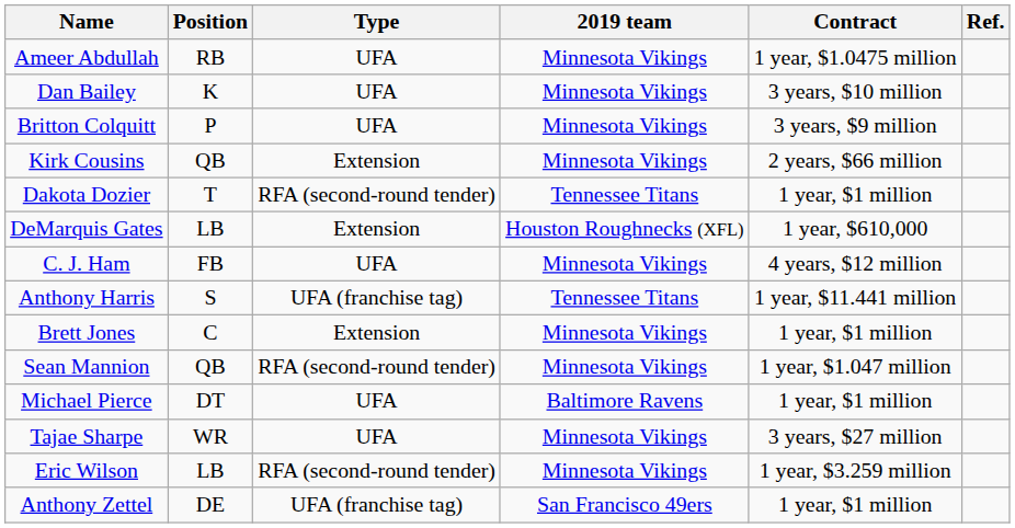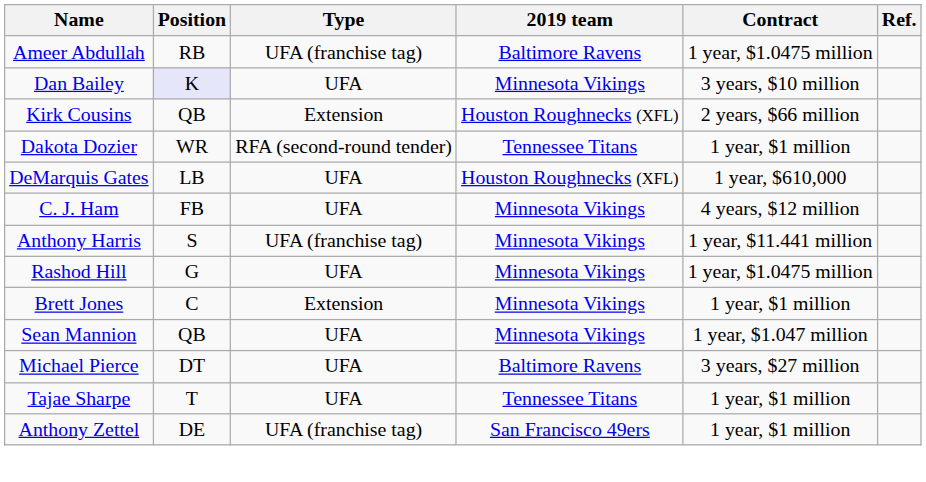 <table class="wikitable" style="text-align:center">
 <tr>
 <th>Name</th>
 <th>Position</th>
 <th>Type</th>
 <th>2019 team</th>
 <th>Contract</th>
 <th>Ref.</th>
 </tr>
 <tr>
 <td><a href='#'>Ameer Abdullah</a></td>
 <td>RB</td>
-<td>UFA</td>
-<td><a href='#'>Minnesota Vikings</a></td>
+<td>UFA (franchise tag)</td>
+<td><a href='#'>Baltimore Ravens</a></td>
 <td>1 year, $1.0475 million</td>
 <td></td>
 </tr>
 <tr>
 <td><a href='#'>Dan Bailey</a></td>
-<td>K</td>
+<td style="background: lavender;">K</td>
 <td>UFA</td>
 <td><a href='#'>Minnesota Vikings</a></td>
 <td>3 years, $10 million</td>
 <td></td>
 </tr>
 <tr>
-<td><a href='#'>Britton Colquitt</a></td>
-<td>P</td>
-<td>UFA</td>
-<td><a href='#'>Minnesota Vikings</a></td>
-<td>3 years, $9 million</td>
-<td></td>
-</tr>
-<tr>
 <td><a href='#'>Kirk Cousins</a></td>
 <td>QB</td>
 <td>Extension</td>
-<td><a href='#'>Minnesota Vikings</a></td>
+<td><a href='#'>Houston Roughnecks</a> <small>(XFL)</small></td>
 <td>2 years, $66 million</td>
 <td></td>
 </tr>
 <tr>
 <td><a href='#'>Dakota Dozier</a></td>
-<td>T</td>
+<td>WR</td>
 <td>RFA (second-round tender)</td>
 <td><a href='#'>Tennessee Titans</a></td>
 <td>1 year, $1 million</td>
 <td></td>
 </tr>
 <tr>
 <td><a href='#'>DeMarquis Gates</a></td>
 <td>LB</td>
-<td>Extension</td>
+<td>UFA</td>
 <td><a href='#'>Houston Roughnecks</a> <small>(XFL)</small></td>
 <td>1 year, $610,000</td>
 <td></td>
 </tr>
 <tr>
 <td><a href='#'>C. J. Ham</a></td>
 <td>FB</td>
 <td>UFA</td>
 <td><a href='#'>Minnesota Vikings</a></td>
 <td>4 years, $12 million</td>
 <td></td>
 </tr>
 <tr>
 <td><a href='#'>Anthony Harris</a></td>
 <td>S</td>
 <td>UFA (franchise tag)</td>
-<td><a href='#'>Tennessee Titans</a></td>
+<td><a href='#'>Minnesota Vikings</a></td>
 <td>1 year, $11.441 million</td>
+<td></td>
+</tr>
+<tr>
+<td><a href='#'>Rashod Hill</a></td>
+<td>G</td>
+<td>UFA</td>
+<td><a href='#'>Minnesota Vikings</a></td>
+<td>1 year, $1.0475 million</td>
 <td></td>
 </tr>
 <tr>
 <td><a href='#'>Brett Jones</a></td>
 <td>C</td>
 <td>Extension</td>
 <td><a href='#'>Minnesota Vikings</a></td>
 <td>1 year, $1 million</td>
 <td></td>
 </tr>
 <tr>
 <td><a href='#'>Sean Mannion</a></td>
 <td>QB</td>
-<td>RFA (second-round tender)</td>
+<td>UFA</td>
 <td><a href='#'>Minnesota Vikings</a></td>
 <td>1 year, $1.047 million</td>
 <td></td>
 </tr>
 <tr>
 <td><a href='#'>Michael Pierce</a></td>
 <td>DT</td>
 <td>UFA</td>
 <td><a href='#'>Baltimore Ravens</a></td>
-<td>1 year, $1 million</td>
+<td>3 years, $27 million</td>
 <td></td>
 </tr>
 <tr>
 <td><a href='#'>Tajae Sharpe</a></td>
-<td>WR</td>
+<td>T</td>
 <td>UFA</td>
-<td><a href='#'>Minnesota Vikings</a></td>
-<td>3 years, $27 million</td>
-<td></td>
-</tr>
-<tr>
-<td><a href='#'>Eric Wilson</a></td>
-<td>LB</td>
-<td>RFA (second-round tender)</td>
-<td><a href='#'>Minnesota Vikings</a></td>
-<td>1 year, $3.259 million</td>
+<td><a href='#'>Tennessee Titans</a></td>
+<td>1 year, $1 million</td>
 <td></td>
 </tr>
 <tr>
 <td><a href='#'>Anthony Zettel</a></td>
 <td>DE</td>
 <td>UFA (franchise tag)</td>
 <td><a href='#'>San Francisco 49ers</a></td>
 <td>1 year, $1 million</td>
 <td></td>
 </tr>
 </table>
